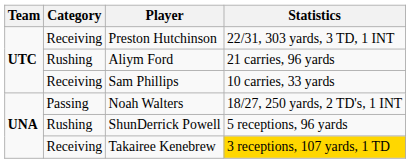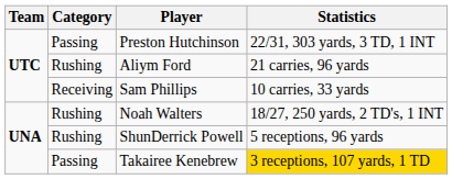 <table class="wikitable" style="float: right;">
 <tr>
 <th>Team</th>
 <th>Category</th>
 <th>Player</th>
 <th>Statistics</th>
 </tr>
 <tr>
 <td rowspan=3><strong>UTC</strong></td>
-<td>Receiving</td>
+<td>Passing</td>
 <td>Preston Hutchinson</td>
 <td>22/31, 303 yards, 3 TD, 1 INT</td>
 </tr>
 <tr>
 <td>Rushing</td>
 <td>Aliym Ford</td>
 <td>21 carries, 96 yards</td>
 </tr>
 <tr>
 <td>Receiving</td>
 <td>Sam Phillips</td>
 <td>10 carries, 33 yards</td>
 </tr>
 <tr>
 <td rowspan=3><strong>UNA</strong></td>
-<td>Passing</td>
+<td>Rushing</td>
 <td>Noah Walters</td>
 <td>18/27, 250 yards, 2 TD's, 1 INT</td>
 </tr>
 <tr>
 <td>Rushing</td>
 <td>ShunDerrick Powell</td>
 <td>5 receptions, 96 yards</td>
 </tr>
 <tr>
-<td>Receiving</td>
+<td>Passing</td>
 <td>Takairee Kenebrew</td>
 <td style="background: gold;">3 receptions, 107 yards, 1 TD</td>
 </tr>
 </table>
